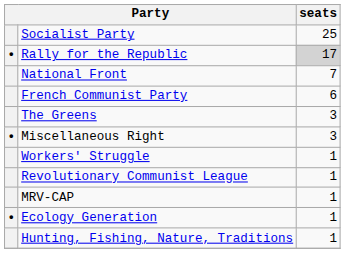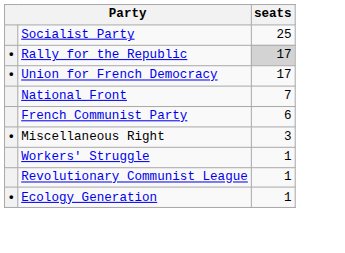 <table class="wikitable" style="font-size: 95%;">
 <tr>
 <th colspan=2>Party</th>
 <th>seats</th>
 </tr>
 <tr>
 <th style="background-color: "></th>
 <td><a href='#'>Socialist Party</a></td>
 <td align="right">25</td>
 </tr>
 <tr>
 <th style="background-color: "><span>•</span></th>
 <td><a href='#'>Rally for the Republic</a></td>
 <td align="right" style="background: lightgrey;">17</td>
 </tr>
 <tr>
+<th style="background-color: "><span>•</span></th>
+<td><a href='#'>Union for French Democracy</a></td>
+<td align="right">17</td>
+</tr>
+<tr>
 <th style="background-color: "></th>
 <td><a href='#'>National Front</a></td>
 <td align="right">7</td>
 </tr>
 <tr>
 <th style="background-color: "></th>
 <td><a href='#'>French Communist Party</a></td>
 <td align="right">6</td>
-</tr>
-<tr>
-<th style="background-color: "></th>
-<td><a href='#'>The Greens</a></td>
-<td align="right">3</td>
 </tr>
 <tr>
 <th style="background-color: "><span>•</span></th>
 <td>Miscellaneous Right</td>
 <td align="right">3</td>
 </tr>
 <tr>
 <th style="background-color: "></th>
 <td><a href='#'>Workers' Struggle</a></td>
 <td align="right">1</td>
 </tr>
 <tr>
 <th style="background-color: "></th>
 <td><a href='#'>Revolutionary Communist League</a></td>
 <td align="right">1</td>
 </tr>
 <tr>
-<th style="background-color: "></th>
-<td>MRV-CAP</td>
-<td align="right">1</td>
-</tr>
-<tr>
 <th style="background-color: "><span>•</span></th>
 <td><a href='#'>Ecology Generation</a></td>
 <td align="right">1</td>
 </tr>
 <tr>
-<th style="background-color: "></th>
-<td><a href='#'>Hunting, Fishing, Nature, Traditions</a></td>
-<td align="right">1</td>
-</tr>
-<tr>
 </tr>
 </table>
